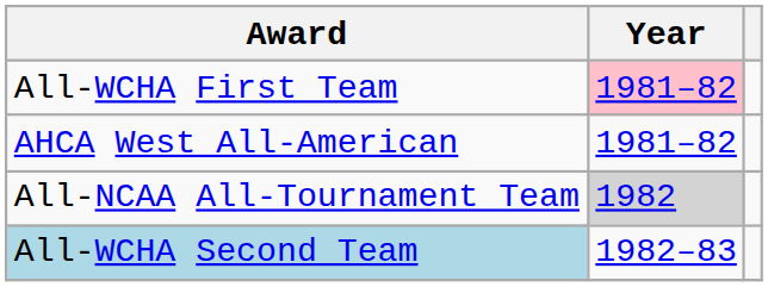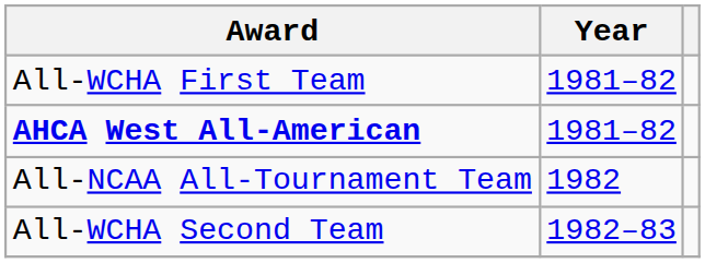 <table class="wikitable">
 <tr>
 <th>Award</th>
 <th>Year</th>
 <th></th>
 </tr>
 <tr>
 <td>All-<a href='#'>WCHA</a> <a href='#'>First Team</a></td>
-<td style="background: pink;"><a href='#'>1981–82</a></td>
+<td><a href='#'>1981–82</a></td>
 <td></td>
 </tr>
 <tr>
-<td><a href='#'>AHCA</a> <a href='#'>West All-American</a></td>
+<td><strong><a href='#'>AHCA</a> <a href='#'>West All-American</a></strong></td>
 <td><a href='#'>1981–82</a></td>
 <td></td>
 </tr>
 <tr>
 <td>All-<a href='#'>NCAA</a> <a href='#'>All-Tournament Team</a></td>
-<td style="background: lightgrey;"><a href='#'>1982</a></td>
+<td><a href='#'>1982</a></td>
 <td></td>
 </tr>
 <tr>
-<td style="background: lightblue;">All-<a href='#'>WCHA</a> <a href='#'>Second Team</a></td>
+<td>All-<a href='#'>WCHA</a> <a href='#'>Second Team</a></td>
 <td><a href='#'>1982–83</a></td>
 <td></td>
 </tr>
 <tr>
 </tr>
 </table>
